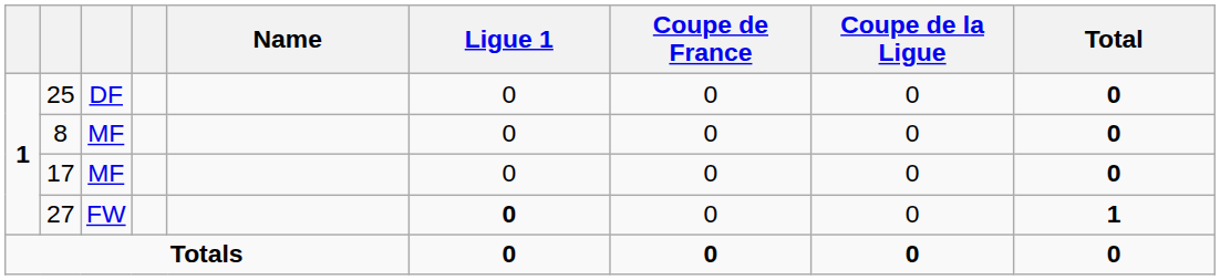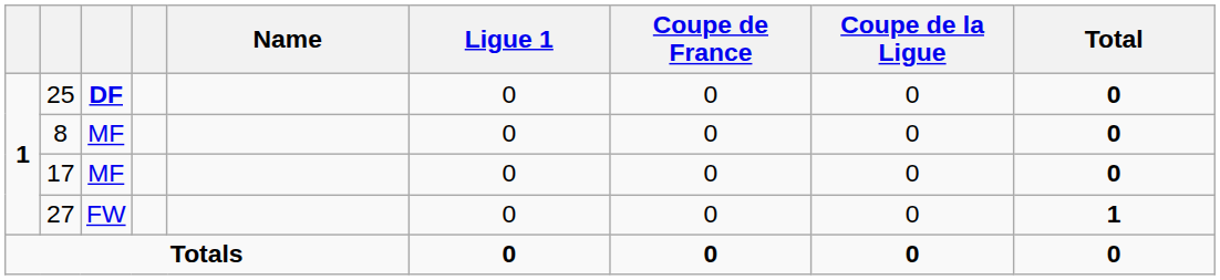 <table class="wikitable" style="text-align:center">
 <tr>
 <th width=15></th>
 <th width=15></th>
 <th width=15></th>
 <th width=15></th>
 <th width=145>Name</th>
 <th width=120><a href='#'>Ligue 1</a></th>
 <th width=120><a href='#'>Coupe de France</a></th>
 <th width=120><a href='#'>Coupe de la Ligue</a></th>
 <th width=120>Total</th>
 </tr>
 <tr>
 <td rowspan=4><strong>1</strong></td>
 <td>25</td>
-<td><a href='#'>DF</a></td>
+<td><strong><a href='#'>DF</a></strong></td>
 <td></td>
 <td align=left><a href='#'></a></td>
 <td>0</td>
 <td>0</td>
 <td>0</td>
 <td><strong>0</strong></td>
 </tr>
 <tr>
 <td>8</td>
 <td><a href='#'>MF</a></td>
 <td></td>
 <td align=left><a href='#'></a></td>
 <td>0</td>
 <td>0</td>
 <td>0</td>
 <td><strong>0</strong></td>
 </tr>
 <tr>
 <td>17</td>
 <td><a href='#'>MF</a></td>
 <td></td>
 <td align=left><a href='#'></a></td>
 <td>0</td>
 <td>0</td>
 <td>0</td>
 <td><strong>0</strong></td>
 </tr>
 <tr>
 <td>27</td>
 <td><a href='#'>FW</a></td>
 <td></td>
 <td align=left><a href='#'></a></td>
-<td><strong>0</strong></td>
+<td>0</td>
 <td>0</td>
 <td>0</td>
 <td><strong>1</strong></td>
 </tr>
 <tr>
 <td colspan=5><strong>Totals</strong></td>
 <td><strong>0</strong></td>
 <td><strong>0</strong></td>
 <td><strong>0</strong></td>
 <td><strong>0</strong></td>
 </tr>
 </table>
